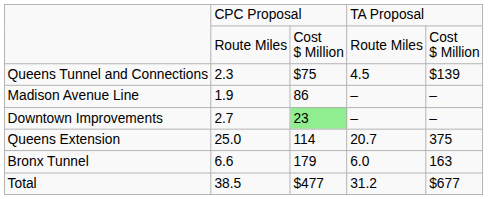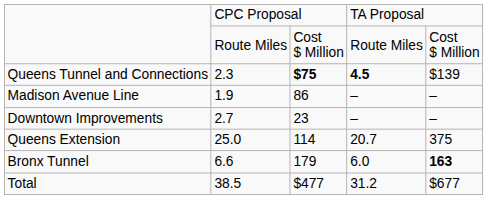 <table class=wikitable>
 <tr>
 <td rowspan="2"></td>
 <td colspan="2">CPC Proposal</td>
 <td colspan="2">TA Proposal</td>
 </tr>
 <tr>
 <td>Route Miles</td>
 <td>Cost<br>$ Million</td>
 <td>Route Miles</td>
 <td>Cost<br>$ Million</td>
 </tr>
 <tr>
 <td>Queens Tunnel and Connections</td>
 <td>2.3</td>
-<td>$75</td>
-<td>4.5</td>
+<td><strong>$75</strong></td>
+<td><strong>4.5</strong></td>
 <td>$139</td>
 </tr>
 <tr>
 <td>Madison Avenue Line</td>
 <td>1.9</td>
 <td>86</td>
 <td>–</td>
 <td>–</td>
 </tr>
 <tr>
 <td>Downtown Improvements</td>
 <td>2.7</td>
-<td style="background: lightgreen;">23</td>
+<td>23</td>
 <td>–</td>
 <td>–</td>
 </tr>
 <tr>
 <td>Queens Extension</td>
 <td>25.0</td>
 <td>114</td>
 <td>20.7</td>
 <td>375</td>
 </tr>
 <tr>
 <td>Bronx Tunnel</td>
 <td>6.6</td>
 <td>179</td>
 <td>6.0</td>
-<td>163</td>
+<td><strong>163</strong></td>
 </tr>
 <tr>
 <td>Total</td>
 <td>38.5</td>
 <td>$477</td>
 <td>31.2</td>
 <td>$677</td>
 </tr>
 </table>
